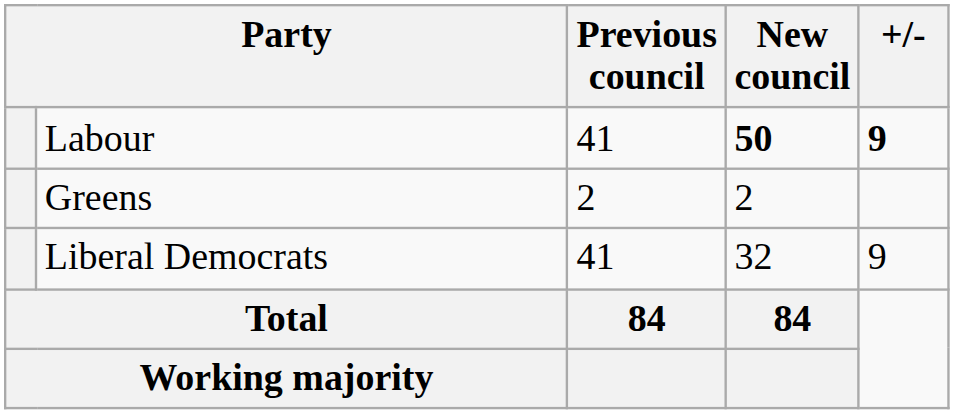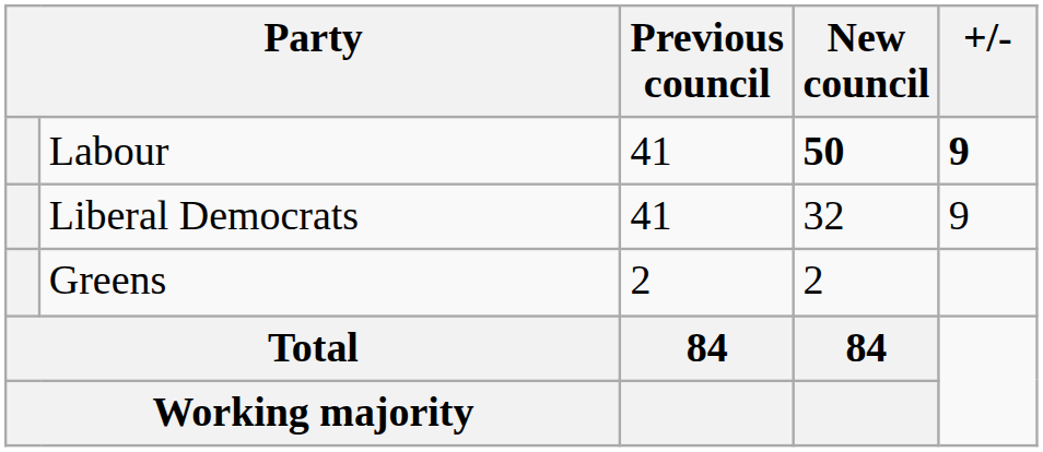 <table class="wikitable">
 <tr>
 <th valign=top colspan="2" style="width: 230px">Party</th>
 <th valign=top style="width: 30px">Previous council</th>
 <th valign=top style="width: 30px">New council</th>
 <th valign=top style="width: 30px">+/-</th>
 </tr>
 <tr>
 <th style="background-color: "></th>
 <td>Labour</td>
 <td>41</td>
 <td><strong>50</strong></td>
 <td><strong>9</strong></td>
 </tr>
 <tr>
 <th style="background-color: "></th>
+<td>Liberal Democrats</td>
+<td>41</td>
+<td>32</td>
+<td>9</td>
+</tr>
+<tr>
+<th style="background-color: "></th>
 <td>Greens</td>
 <td>2</td>
 <td>2</td>
 <td></td>
-</tr>
-<tr>
-<th style="background-color: "></th>
-<td>Liberal Democrats</td>
-<td>41</td>
-<td>32</td>
-<td>9</td>
 </tr>
 <tr>
 <th colspan=2>Total</th>
 <th style="text-align: center">84</th>
 <th style="text-align: center">84</th>
 </tr>
 <tr>
 <th colspan=2>Working majority</th>
 <th></th>
 <th></th>
 </tr>
 </table>
